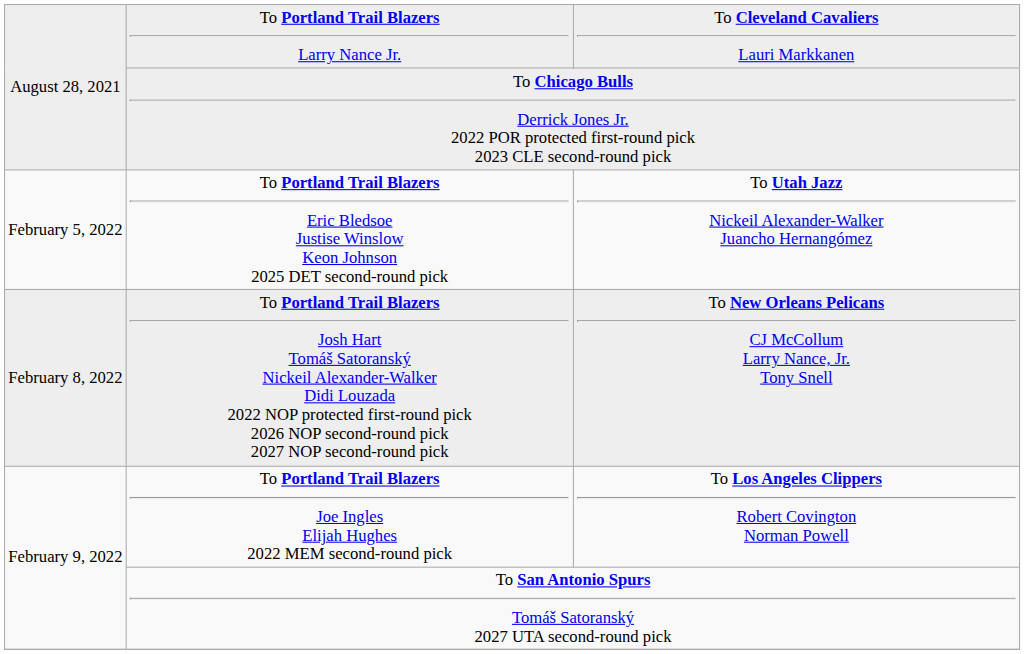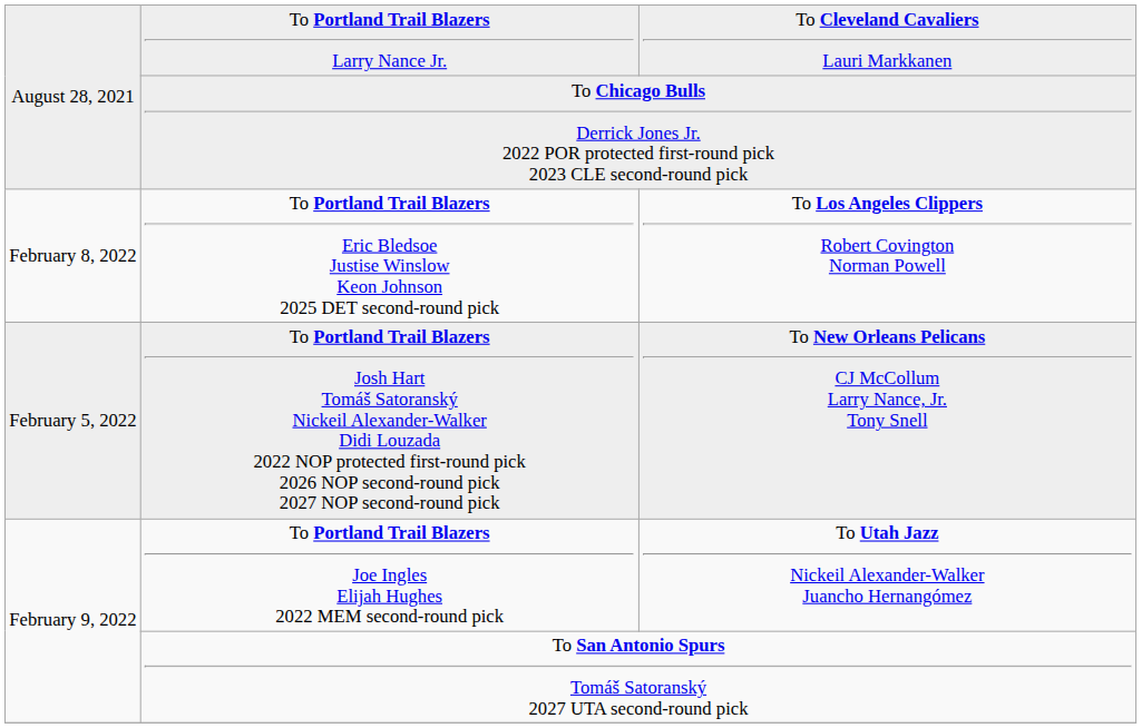 <table class="wikitable sortable sortable" style="text-align: center">
 <tr style="background:#eee;">
 <td style="width:12%" rowspan=2>August 28, 2021</td>
 <td style="width:44%; vertical-align:top;">To <strong><a href='#'>Portland Trail Blazers</a></strong><hr><a href='#'>Larry Nance Jr.</a></td>
 <td style="width:44%; vertical-align:top;">To <strong><a href='#'>Cleveland Cavaliers</a></strong><hr><a href='#'>Lauri Markkanen</a></td>
 </tr>
 <tr style="background:#eee;">
 <td colspan="2" style="text-align:top; vertical-align:top;">To <strong><a href='#'>Chicago Bulls</a></strong><hr><a href='#'>Derrick Jones Jr.</a><br>2022 POR protected first-round pick<br>2023 CLE second-round pick</td>
 </tr>
 <tr>
-<td style="width:12%" rowspan=1>February 5, 2022</td>
+<td style="width:12%" rowspan=1>February 8, 2022</td>
 <td style="width:44%; vertical-align:top;">To <strong><a href='#'>Portland Trail Blazers</a></strong><hr><a href='#'>Eric Bledsoe</a><br><a href='#'>Justise Winslow</a><br><a href='#'>Keon Johnson</a><br>2025 DET second-round pick</td>
-<td style="width:44%; vertical-align:top;">To <strong><a href='#'>Utah Jazz</a></strong><hr><a href='#'>Nickeil Alexander-Walker</a><br><a href='#'>Juancho Hernangómez</a></td>
+<td style="width:44%; vertical-align:top;">To <strong><a href='#'>Los Angeles Clippers</a></strong><hr><a href='#'>Robert Covington</a><br><a href='#'>Norman Powell</a></td>
 </tr>
 <tr>
 </tr>
 <tr style="background:#eee;">
-<td style="width:12%" rowspan=1>February 8, 2022</td>
+<td style="width:12%" rowspan=1>February 5, 2022</td>
 <td style="width:44%; vertical-align:top;">To <strong><a href='#'>Portland Trail Blazers</a></strong><hr><a href='#'>Josh Hart</a><br><a href='#'>Tomáš Satoranský</a><br><a href='#'>Nickeil Alexander-Walker</a><br><a href='#'>Didi Louzada</a><br>2022 NOP protected first-round pick<br>2026 NOP second-round pick<br>2027 NOP second-round pick</td>
 <td style="width:44%; vertical-align:top;">To <strong><a href='#'>New Orleans Pelicans</a></strong><hr><a href='#'>CJ McCollum</a><br><a href='#'>Larry Nance, Jr.</a><br><a href='#'>Tony Snell</a></td>
 </tr>
 <tr>
 <td style="width:12%" rowspan=2>February 9, 2022</td>
 <td style="width:44%; vertical-align:top;">To <strong><a href='#'>Portland Trail Blazers</a></strong><hr><a href='#'>Joe Ingles</a><br><a href='#'>Elijah Hughes</a><br>2022 MEM second-round pick</td>
-<td style="width:44%; vertical-align:top;">To <strong><a href='#'>Los Angeles Clippers</a></strong><hr><a href='#'>Robert Covington</a><br><a href='#'>Norman Powell</a></td>
+<td style="width:44%; vertical-align:top;">To <strong><a href='#'>Utah Jazz</a></strong><hr><a href='#'>Nickeil Alexander-Walker</a><br><a href='#'>Juancho Hernangómez</a></td>
 </tr>
 <tr>
 <td colspan="2" style="text-align:top; vertical-align:top;">To <strong><a href='#'>San Antonio Spurs</a></strong><hr><a href='#'>Tomáš Satoranský</a><br>2027 UTA second-round pick</td>
 </tr>
 <tr>
 </tr>
 </table>
